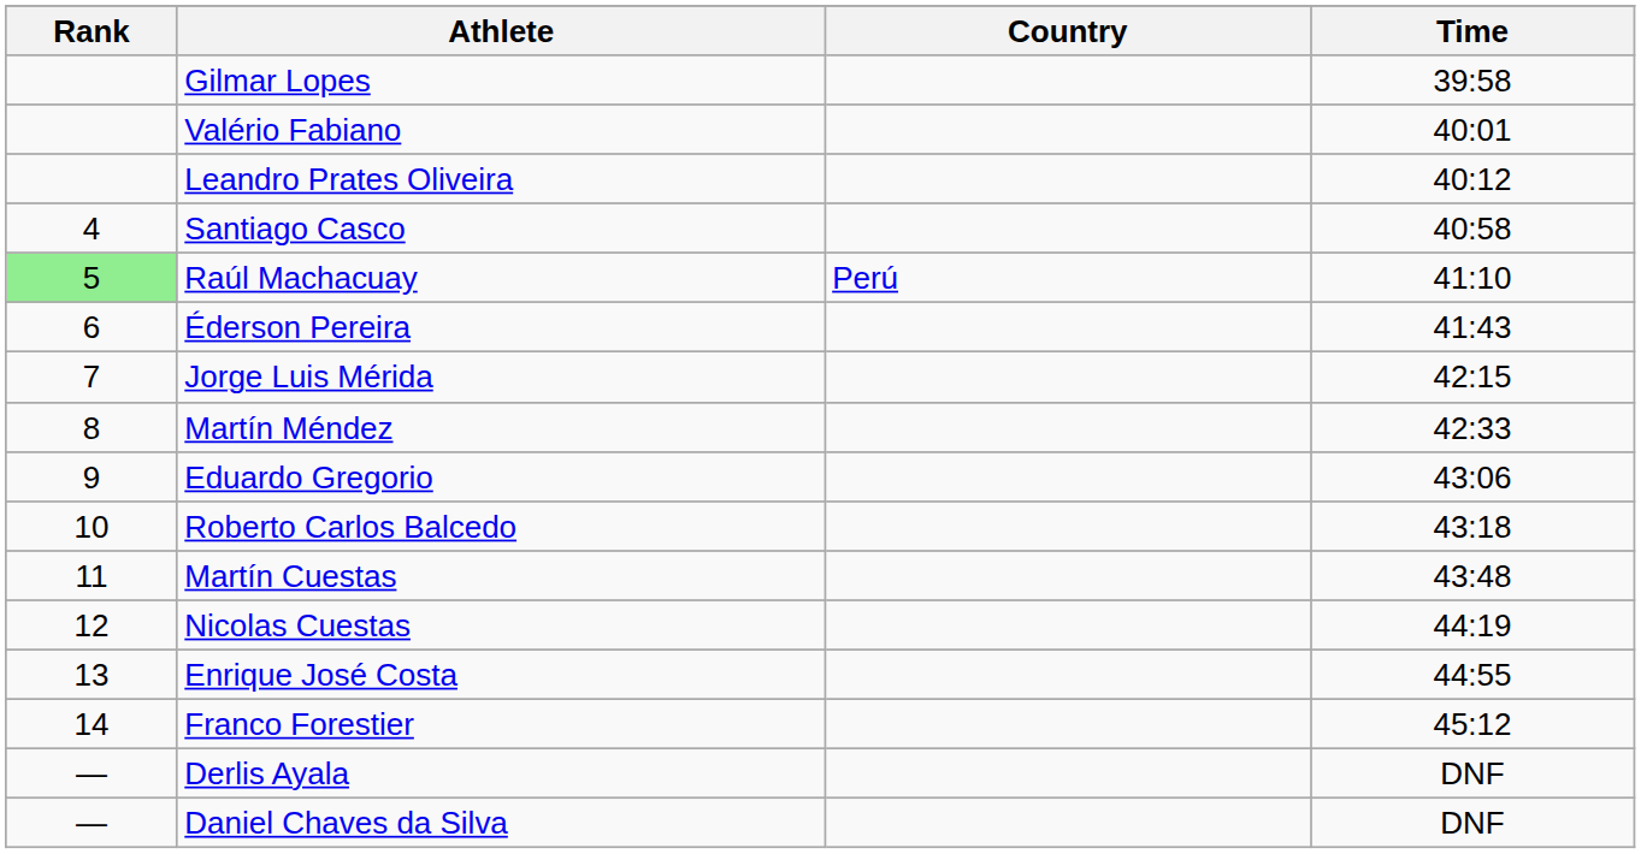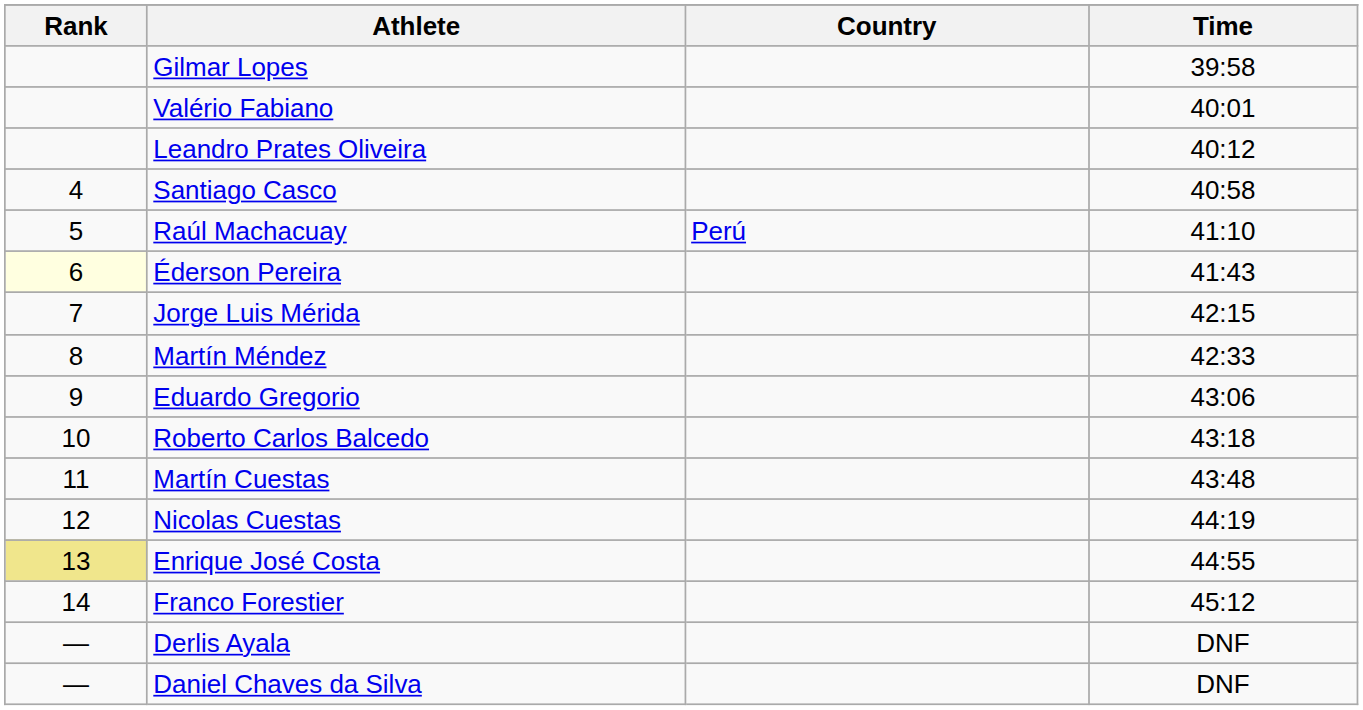 <table class="wikitable sortable" style=" text-align:center; font-size:95%;" width="50%">
 <tr>
 </tr>
 <tr>
 <th width=5%>Rank</th>
 <th width=20%>Athlete</th>
 <th width=15%>Country</th>
 <th width=10%>Time</th>
 </tr>
 <tr>
 <td align=center></td>
 <td align=left><a href='#'>Gilmar Lopes</a></td>
 <td align=left></td>
 <td>39:58</td>
 </tr>
 <tr>
 <td align=center></td>
 <td align=left><a href='#'>Valério Fabiano</a></td>
 <td align=left></td>
 <td>40:01</td>
 </tr>
 <tr>
 <td align=center></td>
 <td align=left><a href='#'>Leandro Prates Oliveira</a></td>
 <td align=left></td>
 <td>40:12</td>
 </tr>
 <tr>
 <td align=center>4</td>
 <td align=left><a href='#'>Santiago Casco</a></td>
 <td align=left></td>
 <td>40:58</td>
 </tr>
 <tr>
-<td align=center style="background: lightgreen;">5</td>
+<td align=center>5</td>
 <td align=left><a href='#'>Raúl Machacuay</a></td>
 <td align=left> <a href='#'>Perú</a></td>
 <td>41:10</td>
 </tr>
 <tr>
-<td align=center>6</td>
+<td align=center style="background: lightyellow;">6</td>
 <td align=left><a href='#'>Éderson Pereira</a></td>
 <td align=left></td>
 <td>41:43</td>
 </tr>
 <tr>
 <td align=center>7</td>
 <td align=left><a href='#'>Jorge Luis Mérida</a></td>
 <td align=left></td>
 <td>42:15</td>
 </tr>
 <tr>
 <td align=center>8</td>
 <td align=left><a href='#'>Martín Méndez</a></td>
 <td align=left></td>
 <td>42:33</td>
 </tr>
 <tr>
 <td align=center>9</td>
 <td align=left><a href='#'>Eduardo Gregorio</a></td>
 <td align=left></td>
 <td>43:06</td>
 </tr>
 <tr>
 <td align=center>10</td>
 <td align=left><a href='#'>Roberto Carlos Balcedo</a></td>
 <td align=left></td>
 <td>43:18</td>
 </tr>
 <tr>
 <td align=center>11</td>
 <td align=left><a href='#'>Martín Cuestas</a></td>
 <td align=left></td>
 <td>43:48</td>
 </tr>
 <tr>
 <td align=center>12</td>
 <td align=left><a href='#'>Nicolas Cuestas</a></td>
 <td align=left></td>
 <td>44:19</td>
 </tr>
 <tr>
-<td align=center>13</td>
+<td align=center style="background: khaki;">13</td>
 <td align=left><a href='#'>Enrique José Costa</a></td>
 <td align=left></td>
 <td>44:55</td>
 </tr>
 <tr>
 <td align=center>14</td>
 <td align=left><a href='#'>Franco Forestier</a></td>
 <td align=left></td>
 <td>45:12</td>
 </tr>
 <tr>
 <td align=center>—</td>
 <td align=left><a href='#'>Derlis Ayala</a></td>
 <td align=left></td>
 <td>DNF</td>
 </tr>
 <tr>
 <td align=center>—</td>
 <td align=left><a href='#'>Daniel Chaves da Silva</a></td>
 <td align=left></td>
 <td>DNF</td>
 </tr>
 </table>
